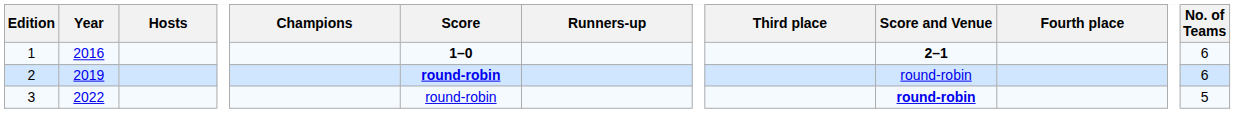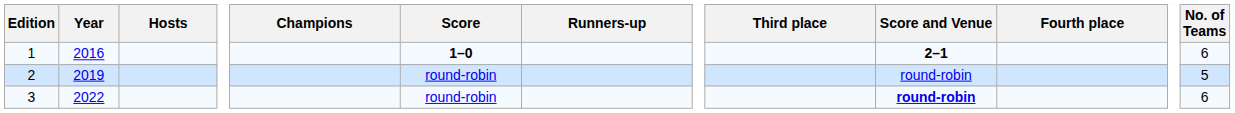 <table class="wikitable" style="text-align:center;width:100%; font-size:90%;">
 <tr>
 <th width=2%>Edition</th>
 <th width=5%>Year</th>
 <th width=8%>Hosts</th>
 <td rowspan="5" style="width:1%;background:#fff;border-top-style:hidden;border-bottom-style:hidden;"></td>
 <th style="width:14%;">Champions</th>
 <th width=10%>Score</th>
 <th style="width:14%;">Runners-up</th>
 <td rowspan="5" style="width:1%;background:#fff;border-top-style:hidden;border-bottom-style:hidden;"></td>
 <th style="width:14%;">Third place</th>
 <th width=10%>Score and Venue</th>
 <th style="width:14%;">Fourth place</th>
 <td rowspan="5" style="width:1%;background:#fff;border-top-style:hidden;border-bottom-style:hidden;"></td>
 <th width=4%>No. of Teams</th>
 </tr>
 <tr bgcolor=#F5FAFF>
 <td>1</td>
 <td><a href='#'>2016</a></td>
 <td align="left"></td>
 <td><strong></strong></td>
 <td><strong>1–0</strong></td>
 <td></td>
 <td></td>
 <td><strong>2–1</strong></td>
 <td></td>
 <td>6</td>
 </tr>
 <tr style="background: #D0E6FF;">
 <td>2</td>
 <td><a href='#'>2019</a></td>
 <td align="left"></td>
 <td><strong></strong></td>
-<td><strong><a href='#'>round-robin</a></strong></td>
+<td><a href='#'>round-robin</a></td>
 <td></td>
 <td></td>
 <td><a href='#'>round-robin</a></td>
 <td></td>
-<td>6</td>
+<td>5</td>
 </tr>
 <tr bgcolor=#F5FAFF>
 <td>3</td>
 <td><a href='#'>2022</a></td>
 <td align="left"></td>
 <td><strong></strong></td>
 <td><a href='#'>round-robin</a></td>
 <td></td>
 <td></td>
 <td><strong><a href='#'>round-robin</a></strong></td>
 <td></td>
-<td>5</td>
+<td>6</td>
 </tr>
 </table>
